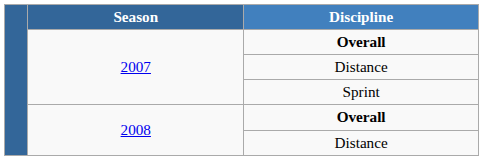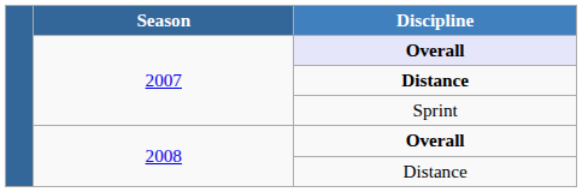 <table class="wikitable"  style="font-size:95%; text-align:center; border:gray solid 1px; width:30%;">
 <tr style="background:#369; color:white;">
 <td rowspan="7" style="width:1%;"></td>
 <td rowspan="2" colspan="1" style="width:10%;"><strong>Season</strong></td>
 </tr>
 <tr style="background-color:#4180be; color:white;">
 <td style="width:10%;"><strong>Discipline</strong></td>
 </tr>
 <tr>
 <td rowspan=3 align=center><a href='#'>2007</a></td>
-<td align=center><strong>Overall</strong></td>
+<td align=center style="background: lavender;"><strong>Overall</strong></td>
 </tr>
 <tr>
-<td align=center>Distance</td>
+<td align=center><strong>Distance</strong></td>
 </tr>
 <tr>
 <td align=center>Sprint</td>
 </tr>
 <tr>
 <td rowspan=2 align=center><a href='#'>2008</a></td>
 <td align=center><strong>Overall</strong></td>
 </tr>
 <tr>
 <td align=center>Distance</td>
 </tr>
 </table>
